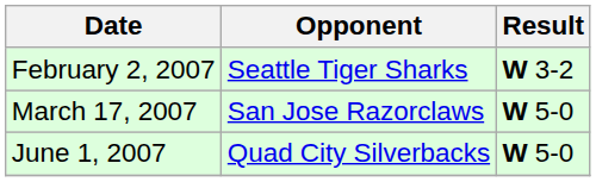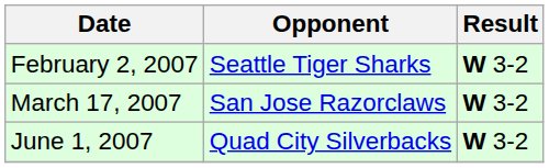 <table class="wikitable">
 <tr>
 <th>Date</th>
 <th>Opponent</th>
 <th>Result</th>
 </tr>
 <tr style="background: #ddffdd;">
 <td>February 2, 2007</td>
 <td><a href='#'>Seattle Tiger Sharks</a></td>
 <td><strong>W</strong> 3-2</td>
 </tr>
 <tr style="background: #ddffdd;">
 <td>March 17, 2007</td>
 <td><a href='#'>San Jose Razorclaws</a></td>
-<td><strong>W</strong> 5-0</td>
+<td><strong>W</strong> 3-2</td>
 </tr>
 <tr style="background: #ddffdd;">
 <td>June 1, 2007</td>
 <td><a href='#'>Quad City Silverbacks</a></td>
-<td><strong>W</strong> 5-0</td>
+<td><strong>W</strong> 3-2</td>
 </tr>
 <tr style="background: #ddffdd;">
 </tr>
 </table>
